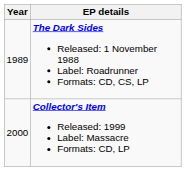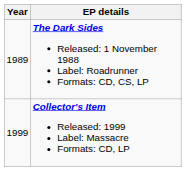 <table class ="wikitable" border="1">
 <tr>
 <th>Year</th>
 <th width="240">EP details</th>
 </tr>
 <tr>
 <td>1989</td>
 <td><strong><em><a href='#'>The Dark Sides</a></em></strong><br><ul><li>Released: 1 November 1988</li><li>Label: Roadrunner</li><li>Formats: CD, CS, LP</li></ul></td>
 </tr>
 <tr>
-<td>2000</td>
+<td>1999</td>
 <td><strong><em><a href='#'>Collector's Item</a></em></strong><br><ul><li>Released: 1999</li><li>Label: Massacre</li><li>Formats: CD, LP</li></ul></td>
 </tr>
 </table>
